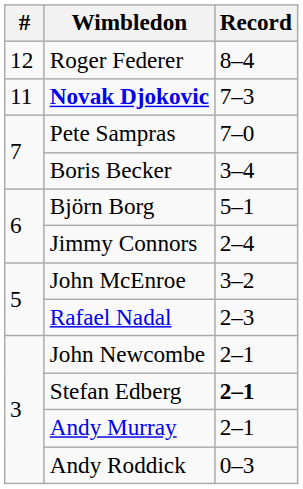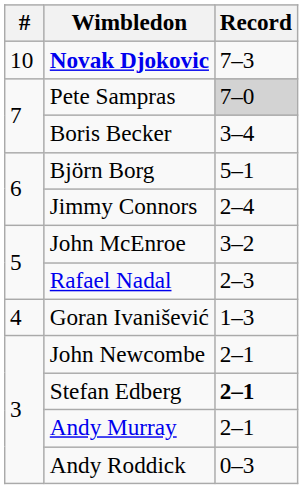 <table class="wikitable" style="display:inline-table;">
 <tr>
 <th width=20>#</th>
 <th>Wimbledon</th>
 <th>Record</th>
 </tr>
 <tr>
-<td>12</td>
-<td> Roger Federer</td>
-<td>8–4</td>
-</tr>
-<tr>
-<td>11</td>
+<td>10</td>
 <td><strong> <a href='#'>Novak Djokovic</a></strong></td>
 <td>7–3</td>
 </tr>
 <tr>
 <td rowspan="2">7</td>
 <td> Pete Sampras</td>
-<td>7–0</td>
+<td style="background: lightgrey;">7–0</td>
 </tr>
 <tr>
 <td> Boris Becker</td>
 <td>3–4</td>
 </tr>
 <tr>
 <td rowspan="2">6</td>
 <td> Björn Borg</td>
 <td>5–1</td>
 </tr>
 <tr>
 <td> Jimmy Connors</td>
 <td>2–4</td>
 </tr>
 <tr>
 <td rowspan="2">5</td>
 <td> John McEnroe</td>
 <td>3–2</td>
 </tr>
 <tr>
 <td> <a href='#'>Rafael Nadal</a></td>
 <td>2–3</td>
 </tr>
 <tr>
+<td>4</td>
+<td> Goran Ivanišević</td>
+<td>1–3</td>
+</tr>
+<tr>
 <td rowspan="4">3</td>
 <td> John Newcombe</td>
 <td>2–1</td>
 </tr>
 <tr>
 <td> Stefan Edberg</td>
 <td><strong>2–1</strong></td>
 </tr>
 <tr>
 <td> <a href='#'>Andy Murray</a></td>
 <td>2–1</td>
 </tr>
 <tr>
 <td> Andy Roddick</td>
 <td>0–3</td>
 </tr>
 </table>
